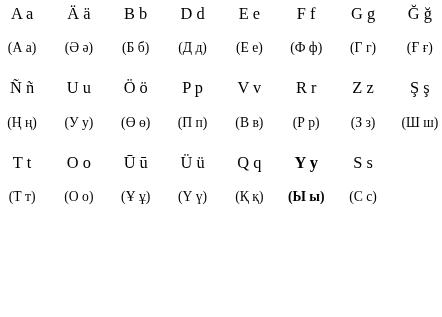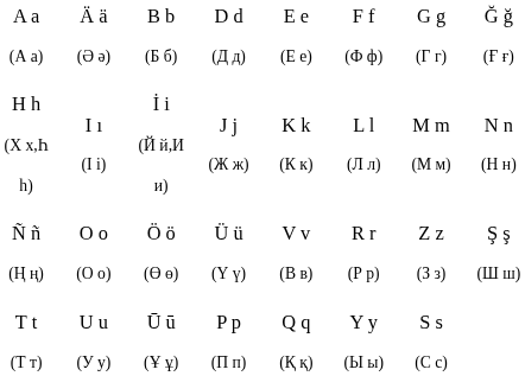 <table class="standard" cellpadding="5" style="font-size: 1.6em; font-family:'Times New Roman', serif; line-height: 2em; text-align: center;">
 <tr>
 <td style="width:3em;">A a<br><small>(А а)</small></td>
 <td style="width:3em;">Ä ä<br><small>(Ә ә)</small></td>
 <td style="width:3em;">B b<br><small>(Б б)</small></td>
 <td style="width:3em;">D d<br><small>(Д д)</small></td>
 <td style="width:3em;">E e<br><small>(Е е)</small></td>
 <td style="width:3em;">F f<br><small>(Ф ф)</small></td>
 <td style="width:3em;">G g<br><small>(Г г)</small></td>
 <td style="width:3em;">Ğ ğ<br><small>(Ғ ғ)</small></td>
 </tr>
 <tr>
+<td>H h<br><small>(Х х,</small><small>Һ һ)</small></td>
+<td>I ı<br><small>(І і)</small></td>
+<td>İ i<br><small>(Й й,</small><small>И и)</small></td>
+<td>J j<br><small>(Ж ж)</small></td>
+<td>K k<br><small>(К к)</small></td>
+<td>L l<br><small>(Л л)</small></td>
+<td>M m<br><small>(М м)</small></td>
+<td>N n<br><small>(Н н)</small></td>
+</tr>
+<tr>
 <td>Ñ ñ<br><small>(Ң ң)</small></td>
-<td>U u<br><small>(У у)</small></td>
+<td>O o<br><small>(О о)</small></td>
 <td>Ö ö<br><small>(Ө ө)</small></td>
-<td>P p<br><small>(П п)</small></td>
+<td>Ü ü<br><small>(Ү ү)</small></td>
 <td>V v<br><small>(В в)</small></td>
 <td>R r<br><small>(Р р)</small></td>
 <td>Z z<br><small>(З з)</small></td>
 <td>Ş ş<br><small>(Ш ш)</small></td>
 </tr>
 <tr>
 <td>T t<br><small>(Т т)</small></td>
-<td>O o<br><small>(О о)</small></td>
+<td>U u<br><small>(У у)</small></td>
 <td>Ū ū<br><small>(Ұ ұ)</small></td>
-<td>Ü ü<br><small>(Ү ү)</small></td>
+<td>P p<br><small>(П п)</small></td>
 <td>Q q<br><small>(Қ қ)</small></td>
-<td><strong>Y y<br><small>(Ы ы)</small></strong></td>
+<td>Y y<br><small>(Ы ы)</small></td>
 <td>S s<br><small>(С с)</small></td>
 <td></td>
 </tr>
 </table>
